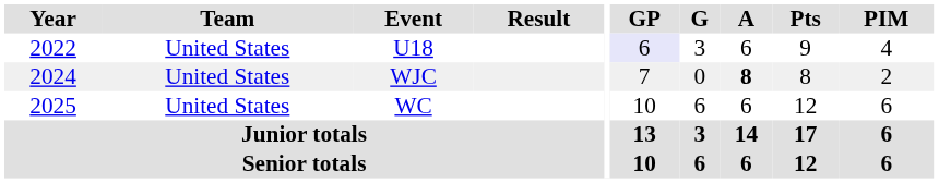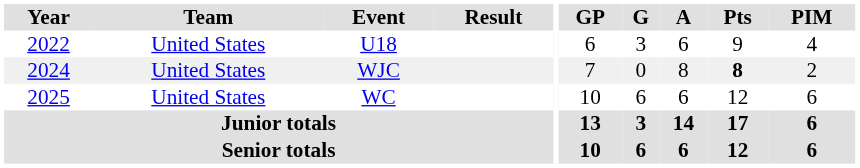 <table border="0" cellpadding="1" cellspacing="0" ID="Table3" style="text-align:center; width:40em;">
 <tr bgcolor="#e0e0e0">
 <th>Year</th>
 <th>Team</th>
 <th>Event</th>
 <th>Result</th>
 <th rowspan="98" bgcolor="#ffffff"></th>
 <th>GP</th>
 <th>G</th>
 <th>A</th>
 <th>Pts</th>
 <th>PIM</th>
 </tr>
 <tr>
 <td><a href='#'>2022</a></td>
 <td><a href='#'>United States</a></td>
 <td><a href='#'>U18</a></td>
 <td></td>
-<td style="background: lavender;">6</td>
+<td>6</td>
 <td>3</td>
 <td>6</td>
 <td>9</td>
 <td>4</td>
 </tr>
 <tr bgcolor="#f0f0f0">
 <td><a href='#'>2024</a></td>
 <td><a href='#'>United States</a></td>
 <td><a href='#'>WJC</a></td>
 <td></td>
 <td>7</td>
 <td>0</td>
+<td>8</td>
 <td><strong>8</strong></td>
-<td>8</td>
 <td>2</td>
 </tr>
 <tr>
 <td><a href='#'>2025</a></td>
 <td><a href='#'>United States</a></td>
 <td><a href='#'>WC</a></td>
 <td></td>
 <td>10</td>
 <td>6</td>
 <td>6</td>
 <td>12</td>
 <td>6</td>
 </tr>
 <tr bgcolor="#e0e0e0">
 <th colspan="4">Junior totals</th>
 <th>13</th>
 <th>3</th>
 <th>14</th>
 <th>17</th>
 <th>6</th>
 </tr>
 <tr bgcolor="#e0e0e0">
 <th colspan="4">Senior totals</th>
 <th>10</th>
 <th>6</th>
 <th>6</th>
 <th>12</th>
 <th>6</th>
 </tr>
 </table>
